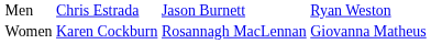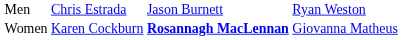 <table>
 <tr>
 <td>Men</td>
 <td> <a href='#'>Chris Estrada</a></td>
 <td> <a href='#'>Jason Burnett</a></td>
 <td> <a href='#'>Ryan Weston</a></td>
 </tr>
 <tr>
 <td>Women</td>
 <td> <a href='#'>Karen Cockburn</a></td>
-<td> <a href='#'>Rosannagh MacLennan</a></td>
+<td><strong> <a href='#'>Rosannagh MacLennan</a></strong></td>
 <td> <a href='#'>Giovanna Matheus</a></td>
 </tr>
 </table>
